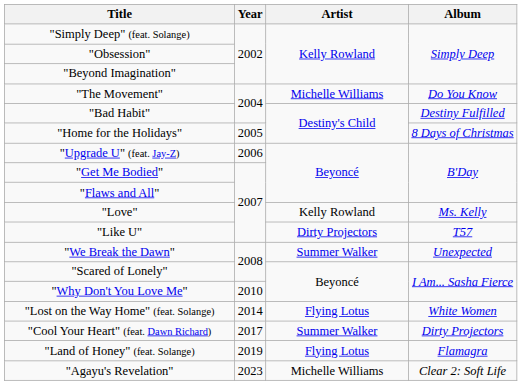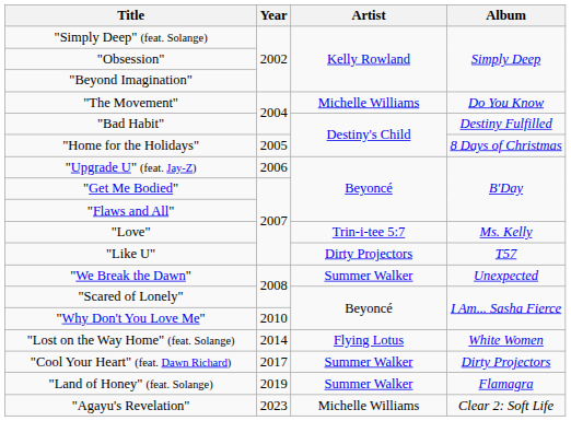 <table class="wikitable plainrowheaders" style="text-align:center;" border="1">
 <tr>
 <th style="width:18em;">Title</th>
 <th>Year</th>
 <th style="width:11em;">Artist</th>
 <th>Album</th>
 </tr>
 <tr>
 <td>"Simply Deep" <small>(feat. Solange)</small></td>
 <td rowspan="3">2002</td>
 <td rowspan="3"><a href='#'>Kelly Rowland</a></td>
 <td rowspan="3"><em><a href='#'>Simply Deep</a></em></td>
 </tr>
 <tr>
 <td>"Obsession"</td>
 </tr>
 <tr>
 <td>"Beyond Imagination"</td>
 </tr>
 <tr>
 <td>"The Movement"</td>
 <td rowspan="2">2004</td>
 <td><a href='#'>Michelle Williams</a></td>
 <td><em><a href='#'>Do You Know</a></em></td>
 </tr>
 <tr>
 <td>"Bad Habit"</td>
 <td rowspan="2"><a href='#'>Destiny's Child</a></td>
 <td><em><a href='#'>Destiny Fulfilled</a></em></td>
 </tr>
 <tr>
 <td>"Home for the Holidays"</td>
 <td>2005</td>
 <td><em><a href='#'>8 Days of Christmas</a></em></td>
 </tr>
 <tr>
 <td>"<a href='#'>Upgrade U</a>" <small>(feat. <a href='#'>Jay-Z</a>)</small></td>
 <td>2006</td>
 <td rowspan="3"><a href='#'>Beyoncé</a></td>
 <td rowspan="3"><em><a href='#'>B'Day</a></em></td>
 </tr>
 <tr>
 <td>"<a href='#'>Get Me Bodied</a>"</td>
 <td rowspan="4">2007</td>
 </tr>
 <tr>
 <td>"<a href='#'>Flaws and All</a>"</td>
 </tr>
 <tr>
 <td>"Love"</td>
-<td>Kelly Rowland</td>
+<td><a href='#'>Trin-i-tee 5:7</a></td>
 <td><em><a href='#'>Ms. Kelly</a></em></td>
 </tr>
 <tr>
 <td>"Like U"</td>
 <td><a href='#'>Dirty Projectors</a></td>
 <td><em><a href='#'>T57</a></em></td>
 </tr>
 <tr>
 <td>"<a href='#'>We Break the Dawn</a>"</td>
 <td rowspan="2">2008</td>
 <td><a href='#'>Summer Walker</a></td>
 <td><em><a href='#'>Unexpected</a></em></td>
 </tr>
 <tr>
 <td>"Scared of Lonely"</td>
 <td rowspan="2">Beyoncé</td>
 <td rowspan="2"><em><a href='#'>I Am... Sasha Fierce</a></em></td>
 </tr>
 <tr>
 <td>"<a href='#'>Why Don't You Love Me</a>"</td>
 <td>2010</td>
 </tr>
 <tr>
 <td>"Lost on the Way Home" <small>(feat. Solange)</small></td>
 <td>2014</td>
 <td><a href='#'>Flying Lotus</a></td>
 <td><em><a href='#'>White Women</a></em></td>
 </tr>
 <tr>
 <td>"Cool Your Heart" <small>(feat. <a href='#'>Dawn Richard</a>) </small></td>
 <td>2017</td>
 <td><a href='#'>Summer Walker</a></td>
 <td><em><a href='#'>Dirty Projectors</a></em></td>
 </tr>
 <tr>
 <td>"Land of Honey" <small>(feat. Solange)</small></td>
 <td>2019</td>
-<td><a href='#'>Flying Lotus</a></td>
+<td><a href='#'>Summer Walker</a></td>
 <td><em><a href='#'>Flamagra</a></em></td>
 </tr>
 <tr>
 <td>"Agayu's Revelation"</td>
 <td>2023</td>
 <td>Michelle Williams</td>
 <td><em>Clear 2: Soft Life</em></td>
 </tr>
 </table>
